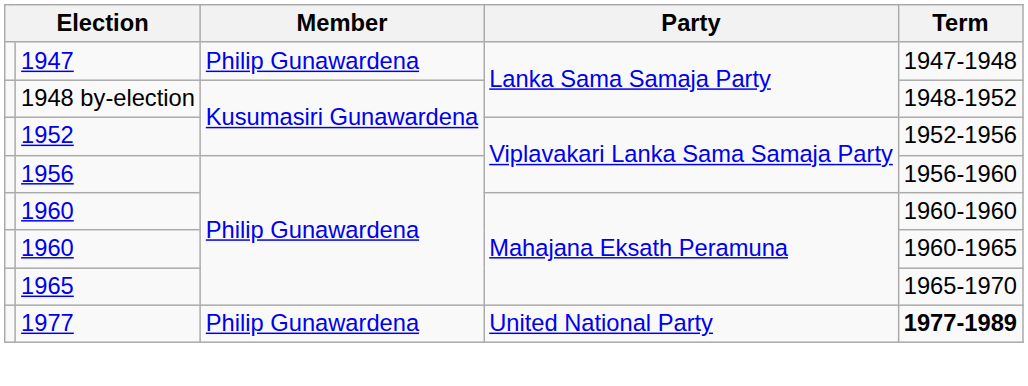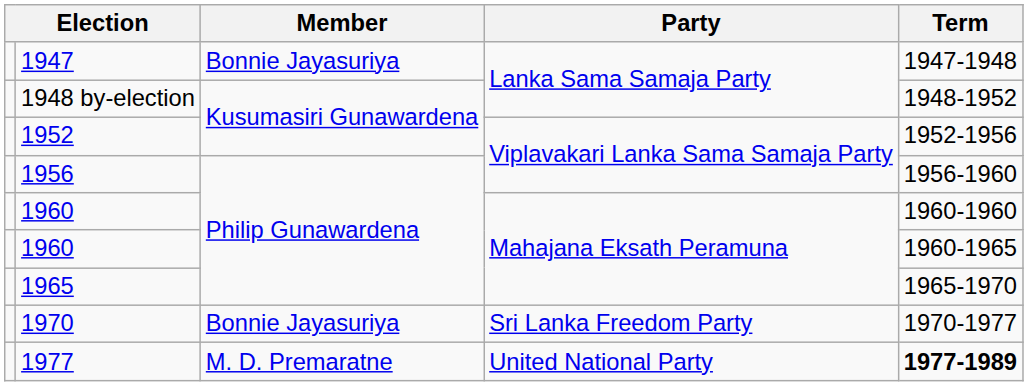 <table class="wikitable">
 <tr>
 <th colspan="2">Election</th>
 <th>Member</th>
 <th>Party</th>
 <th>Term</th>
 </tr>
 <tr>
 <td style="background-color: "></td>
 <td><a href='#'>1947</a></td>
-<td><a href='#'>Philip Gunawardena</a></td>
+<td><a href='#'>Bonnie Jayasuriya</a></td>
 <td rowspan=2><a href='#'>Lanka Sama Samaja Party</a></td>
 <td>1947-1948</td>
 </tr>
 <tr>
 <td style="background-color: "></td>
 <td>1948 by-election</td>
 <td rowspan=2><a href='#'>Kusumasiri Gunawardena</a></td>
 <td>1948-1952</td>
 </tr>
 <tr>
 <td style="background-color: "></td>
 <td><a href='#'>1952</a></td>
 <td rowspan=2><a href='#'>Viplavakari Lanka Sama Samaja Party</a></td>
 <td>1952-1956</td>
 </tr>
 <tr>
 <td style="background-color: "></td>
 <td><a href='#'>1956</a></td>
 <td rowspan=4><a href='#'>Philip Gunawardena</a></td>
 <td>1956-1960</td>
 </tr>
 <tr>
 <td style="background-color: "></td>
 <td><a href='#'>1960</a></td>
 <td rowspan=3><a href='#'>Mahajana Eksath Peramuna</a></td>
 <td>1960-1960</td>
 </tr>
 <tr>
 <td style="background-color: "></td>
 <td><a href='#'>1960</a></td>
 <td>1960-1965</td>
 </tr>
 <tr>
 <td style="background-color: "></td>
 <td><a href='#'>1965</a></td>
 <td>1965-1970</td>
 </tr>
 <tr>
 <td style="background-color: "></td>
+<td><a href='#'>1970</a></td>
+<td><a href='#'>Bonnie Jayasuriya</a></td>
+<td><a href='#'>Sri Lanka Freedom Party</a></td>
+<td>1970-1977</td>
+</tr>
+<tr>
+<td style="background-color: "></td>
 <td><a href='#'>1977</a></td>
-<td><a href='#'>Philip Gunawardena</a></td>
+<td><a href='#'>M. D. Premaratne</a></td>
 <td><a href='#'>United National Party</a></td>
 <td><strong>1977-1989</strong></td>
 </tr>
 </table>
